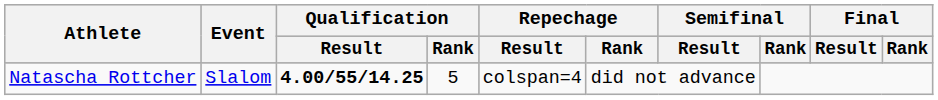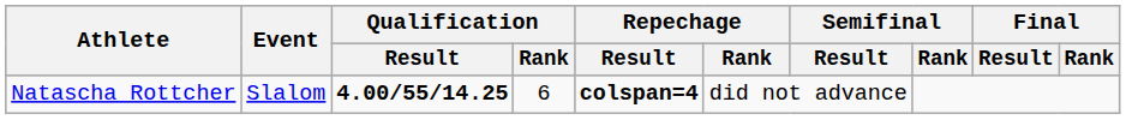 <table class=wikitable style=font-size:90%;text-align:center>
 <tr>
 <th rowspan=2>Athlete</th>
 <th rowspan=2>Event</th>
 <th colspan=2>Qualification</th>
 <th colspan=2>Repechage</th>
 <th colspan=2>Semifinal</th>
 <th colspan=2>Final</th>
 </tr>
 <tr style=font-size:95%>
 <th>Result</th>
 <th>Rank</th>
 <th>Result</th>
 <th>Rank</th>
 <th>Result</th>
 <th>Rank</th>
 <th>Result</th>
 <th>Rank</th>
 </tr>
 <tr>
 <td align=left><a href='#'>Natascha Rottcher</a></td>
 <td align=left><a href='#'>Slalom</a></td>
 <td><strong>4.00/55/14.25</strong></td>
-<td>5</td>
-<td>colspan=4 </td>
+<td>6</td>
+<td><strong>colspan=4 </strong></td>
 <td colspan=2>did not advance</td>
 </tr>
 </table>
